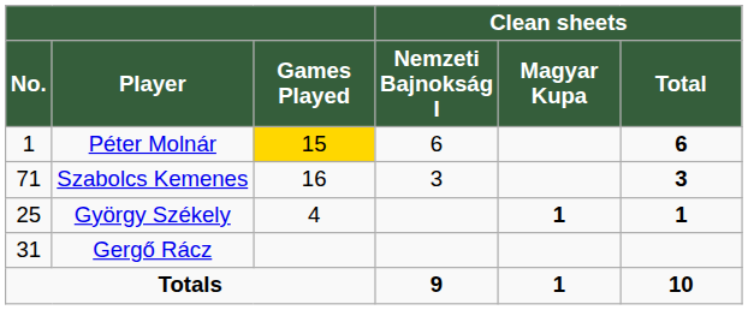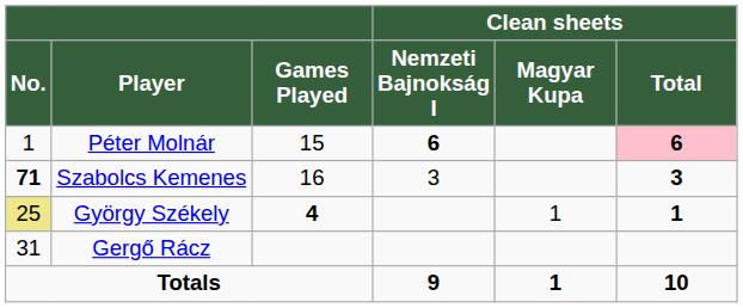 <table class="wikitable sortable alternance" style="text-align:center">
 <tr>
 <th colspan="3" style="background:#355E3B"></th>
 <th colspan="4" style="background:#355E3B;color:white">Clean sheets</th>
 </tr>
 <tr>
 <th style="background-color:#355E3B;color:white">No.</th>
 <th style="background-color:#355E3B;color:white">Player</th>
 <th width=80 style="background-color:#355E3B;color:white">Games Played</th>
 <th width=80 style="background-color:#355E3B;color:white">Nemzeti Bajnokság I</th>
 <th width=80 style="background-color:#355E3B;color:white">Magyar Kupa</th>
 <th width=80 style="background-color:#355E3B;color:white">Total</th>
 </tr>
 <tr>
 <td>1</td>
 <td> <a href='#'>Péter Molnár</a></td>
-<td style="background: gold;">15</td>
-<td>6</td>
+<td>15</td>
+<td><strong>6</strong></td>
 <td></td>
-<td><strong>6</strong></td>
+<td style="background: pink;"><strong>6</strong></td>
 </tr>
 <tr>
-<td>71</td>
+<td><strong>71</strong></td>
 <td> <a href='#'>Szabolcs Kemenes</a></td>
 <td>16</td>
 <td>3</td>
 <td></td>
 <td><strong>3</strong></td>
 </tr>
 <tr>
-<td>25</td>
+<td style="background: khaki;">25</td>
 <td> <a href='#'>György Székely</a></td>
-<td>4</td>
+<td><strong>4</strong></td>
 <td></td>
-<td><strong>1</strong></td>
+<td>1</td>
 <td><strong>1</strong></td>
 </tr>
 <tr>
 <td>31</td>
 <td> <a href='#'>Gergő Rácz</a></td>
 <td></td>
 <td></td>
 <td></td>
 <td></td>
 </tr>
 <tr class="sortbottom">
 <td colspan="3"><strong>Totals</strong></td>
 <td><strong>9</strong></td>
 <td><strong>1</strong></td>
 <td><strong>10</strong></td>
 </tr>
 </table>
